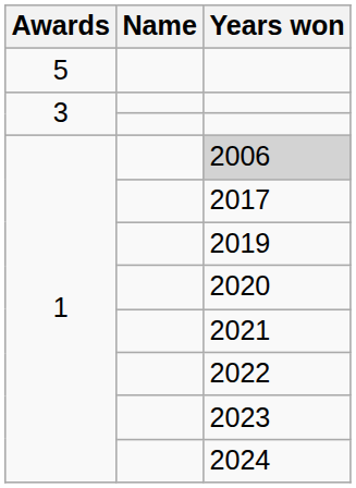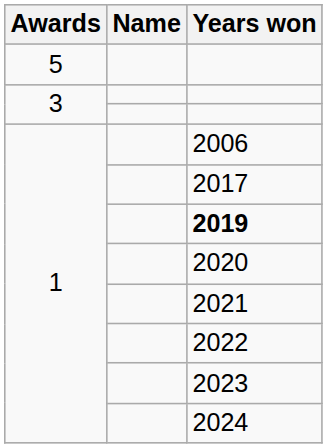 <table class="wikitable style="font-size:100%; text-align: left; width:70%">
 <tr>
 <th>Awards</th>
 <th>Name</th>
 <th>Years won</th>
 </tr>
 <tr>
 <td align=center>5</td>
 <td></td>
 <td></td>
 </tr>
 <tr>
 <td align=center rowspan=2>3</td>
 <td></td>
 <td></td>
 </tr>
 <tr>
 <td></td>
 <td></td>
 </tr>
 <tr>
 <td align=center rowspan=8>1</td>
 <td></td>
-<td style="background: lightgrey;">2006</td>
+<td>2006</td>
 </tr>
 <tr>
 <td></td>
 <td>2017</td>
 </tr>
 <tr>
 <td></td>
-<td>2019</td>
+<td><strong>2019</strong></td>
 </tr>
 <tr>
 <td></td>
 <td>2020</td>
 </tr>
 <tr>
 <td></td>
 <td>2021</td>
 </tr>
 <tr>
 <td></td>
 <td>2022</td>
 </tr>
 <tr>
 <td></td>
 <td>2023</td>
 </tr>
 <tr>
 <td></td>
 <td>2024</td>
 </tr>
 </table>
